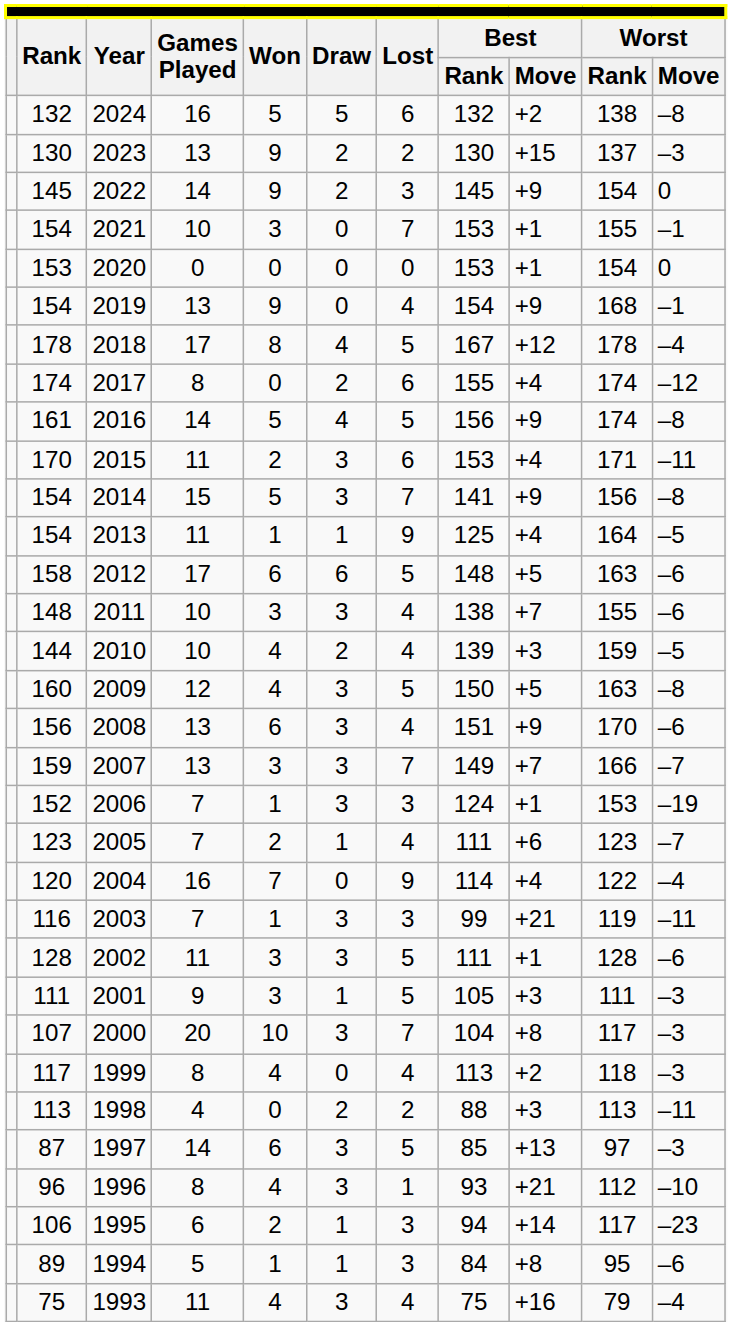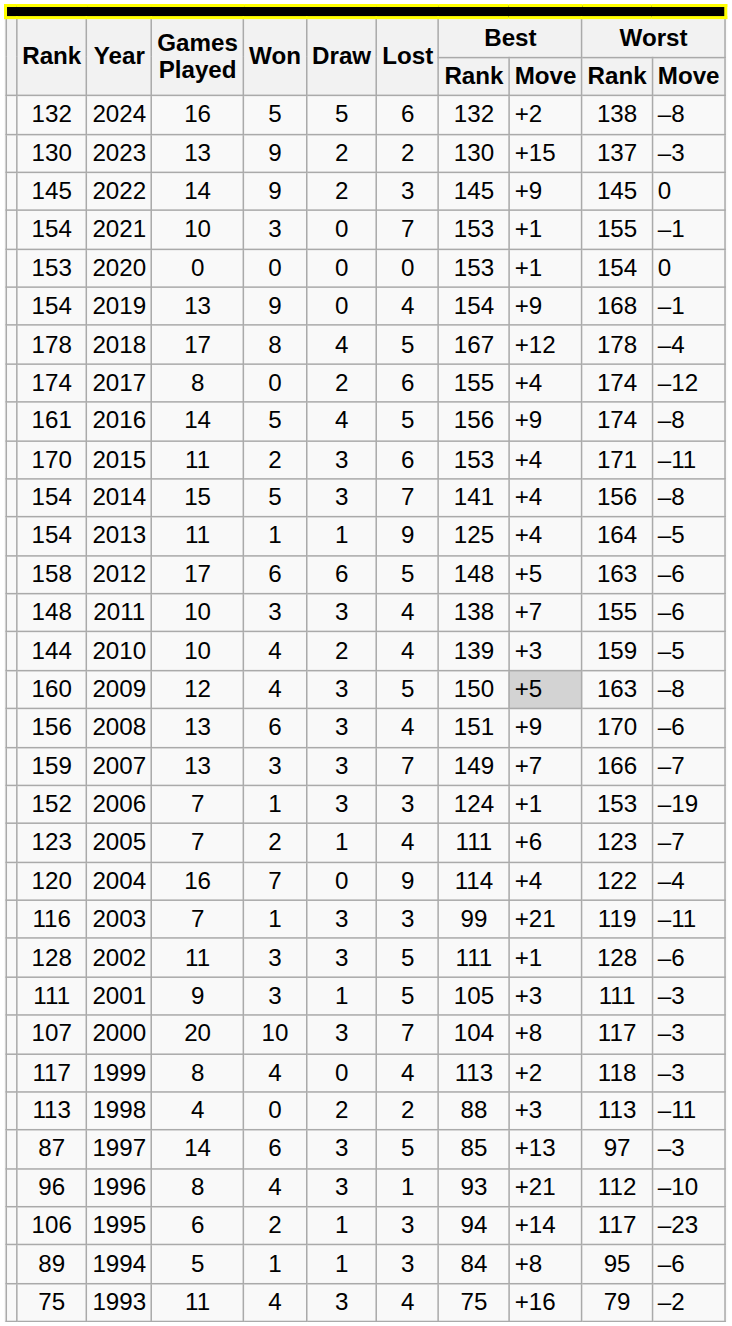 <table class="wikitable sortable" style="text-align:center;">
 <tr>
 <th colspan=12 style="background: #000000; colour: #FFFFFF; border:2px solid #FFFF00;"><a href='#'></a></th>
 </tr>
 <tr>
 <th rowspan=2></th>
 <th rowspan=2>Rank</th>
 <th rowspan=2>Year</th>
 <th rowspan=2>Games<br>Played</th>
 <th rowspan=2>Won</th>
 <th rowspan=2>Draw</th>
 <th rowspan=2>Lost</th>
 <th colspan=2>Best</th>
 <th colspan=2>Worst</th>
 </tr>
 <tr>
 <th>Rank</th>
 <th>Move</th>
 <th>Rank</th>
 <th>Move</th>
 </tr>
 <tr>
 <td></td>
 <td>132</td>
 <td>2024</td>
 <td>16</td>
 <td>5</td>
 <td>5</td>
 <td>6</td>
 <td>132</td>
 <td align="left"> +2</td>
 <td>138</td>
 <td align="left"> –8</td>
 </tr>
 <tr>
 <td></td>
 <td>130</td>
 <td>2023</td>
 <td>13</td>
 <td>9</td>
 <td>2</td>
 <td>2</td>
 <td>130</td>
 <td align="left"> +15</td>
 <td>137</td>
 <td align=left> –3</td>
 </tr>
 <tr>
 <td></td>
 <td>145</td>
 <td>2022</td>
 <td>14</td>
 <td>9</td>
 <td>2</td>
 <td>3</td>
 <td>145</td>
 <td align=left> +9</td>
-<td>154</td>
+<td>145</td>
 <td align=left> 0</td>
 </tr>
 <tr>
 <td></td>
 <td>154</td>
 <td>2021</td>
 <td>10</td>
 <td>3</td>
 <td>0</td>
 <td>7</td>
 <td>153</td>
 <td align=left> +1</td>
 <td>155</td>
 <td align=left> –1</td>
 </tr>
 <tr>
 <td></td>
 <td>153</td>
 <td>2020</td>
 <td>0</td>
 <td>0</td>
 <td>0</td>
 <td>0</td>
 <td>153</td>
 <td align=left> +1</td>
 <td>154</td>
 <td align=left> 0</td>
 </tr>
 <tr>
 <td></td>
 <td>154</td>
 <td>2019</td>
 <td>13</td>
 <td>9</td>
 <td>0</td>
 <td>4</td>
 <td>154</td>
 <td align=left> +9</td>
 <td>168</td>
 <td align=left> –1</td>
 </tr>
 <tr>
 <td></td>
 <td>178</td>
 <td>2018</td>
 <td>17</td>
 <td>8</td>
 <td>4</td>
 <td>5</td>
 <td>167</td>
 <td align=left> +12</td>
 <td>178</td>
 <td align=left> –4</td>
 </tr>
 <tr>
 <td></td>
 <td>174</td>
 <td>2017</td>
 <td>8</td>
 <td>0</td>
 <td>2</td>
 <td>6</td>
 <td>155</td>
 <td align=left> +4</td>
 <td>174</td>
 <td align=left> –12</td>
 </tr>
 <tr>
 <td></td>
 <td>161</td>
 <td>2016</td>
 <td>14</td>
 <td>5</td>
 <td>4</td>
 <td>5</td>
 <td>156</td>
 <td align=left> +9</td>
 <td>174</td>
 <td align=left> –8</td>
 </tr>
 <tr>
 <td></td>
 <td>170</td>
 <td>2015</td>
 <td>11</td>
 <td>2</td>
 <td>3</td>
 <td>6</td>
 <td>153</td>
 <td align=left> +4</td>
 <td>171</td>
 <td align=left> –11</td>
 </tr>
 <tr>
 <td></td>
 <td>154</td>
 <td>2014</td>
 <td>15</td>
 <td>5</td>
 <td>3</td>
 <td>7</td>
 <td>141</td>
-<td align=left> +9</td>
+<td align=left> +4</td>
 <td>156</td>
 <td align=left> –8</td>
 </tr>
 <tr>
 <td></td>
 <td>154</td>
 <td>2013</td>
 <td>11</td>
 <td>1</td>
 <td>1</td>
 <td>9</td>
 <td>125</td>
 <td align=left> +4</td>
 <td>164</td>
 <td align=left> –5</td>
 </tr>
 <tr>
 <td></td>
 <td>158</td>
 <td>2012</td>
 <td>17</td>
 <td>6</td>
 <td>6</td>
 <td>5</td>
 <td>148</td>
 <td align=left> +5</td>
 <td>163</td>
 <td align=left> –6</td>
 </tr>
 <tr>
 <td></td>
 <td>148</td>
 <td>2011</td>
 <td>10</td>
 <td>3</td>
 <td>3</td>
 <td>4</td>
 <td>138</td>
 <td align=left> +7</td>
 <td>155</td>
 <td align=left> –6</td>
 </tr>
 <tr>
 <td></td>
 <td>144</td>
 <td>2010</td>
 <td>10</td>
 <td>4</td>
 <td>2</td>
 <td>4</td>
 <td>139</td>
 <td align=left> +3</td>
 <td>159</td>
 <td align=left> –5</td>
 </tr>
 <tr>
 <td></td>
 <td>160</td>
 <td>2009</td>
 <td>12</td>
 <td>4</td>
 <td>3</td>
 <td>5</td>
 <td>150</td>
-<td align=left> +5</td>
+<td align=left style="background: lightgrey;"> +5</td>
 <td>163</td>
 <td align=left> –8</td>
 </tr>
 <tr>
 <td></td>
 <td>156</td>
 <td>2008</td>
 <td>13</td>
 <td>6</td>
 <td>3</td>
 <td>4</td>
 <td>151</td>
 <td align=left> +9</td>
 <td>170</td>
 <td align=left> –6</td>
 </tr>
 <tr>
 <td></td>
 <td>159</td>
 <td>2007</td>
 <td>13</td>
 <td>3</td>
 <td>3</td>
 <td>7</td>
 <td>149</td>
 <td align=left> +7</td>
 <td>166</td>
 <td align=left> –7</td>
 </tr>
 <tr>
 <td></td>
 <td>152</td>
 <td>2006</td>
 <td>7</td>
 <td>1</td>
 <td>3</td>
 <td>3</td>
 <td>124</td>
 <td align=left> +1</td>
 <td>153</td>
 <td align=left> –19</td>
 </tr>
 <tr>
 <td></td>
 <td>123</td>
 <td>2005</td>
 <td>7</td>
 <td>2</td>
 <td>1</td>
 <td>4</td>
 <td>111</td>
 <td align=left> +6</td>
 <td>123</td>
 <td align=left> –7</td>
 </tr>
 <tr>
 <td></td>
 <td>120</td>
 <td>2004</td>
 <td>16</td>
 <td>7</td>
 <td>0</td>
 <td>9</td>
 <td>114</td>
 <td align=left> +4</td>
 <td>122</td>
 <td align=left> –4</td>
 </tr>
 <tr>
 <td></td>
 <td>116</td>
 <td>2003</td>
 <td>7</td>
 <td>1</td>
 <td>3</td>
 <td>3</td>
 <td>99</td>
 <td align=left> +21</td>
 <td>119</td>
 <td align=left> –11</td>
 </tr>
 <tr>
 <td></td>
 <td>128</td>
 <td>2002</td>
 <td>11</td>
 <td>3</td>
 <td>3</td>
 <td>5</td>
 <td>111</td>
 <td align=left> +1</td>
 <td>128</td>
 <td align=left> –6</td>
 </tr>
 <tr>
 <td></td>
 <td>111</td>
 <td>2001</td>
 <td>9</td>
 <td>3</td>
 <td>1</td>
 <td>5</td>
 <td>105</td>
 <td align=left> +3</td>
 <td>111</td>
 <td align=left> –3</td>
 </tr>
 <tr>
 <td></td>
 <td>107</td>
 <td>2000</td>
 <td>20</td>
 <td>10</td>
 <td>3</td>
 <td>7</td>
 <td>104</td>
 <td align=left> +8</td>
 <td>117</td>
 <td align=left> –3</td>
 </tr>
 <tr>
 <td></td>
 <td>117</td>
 <td>1999</td>
 <td>8</td>
 <td>4</td>
 <td>0</td>
 <td>4</td>
 <td>113</td>
 <td align=left> +2</td>
 <td>118</td>
 <td align=left> –3</td>
 </tr>
 <tr>
 <td></td>
 <td>113</td>
 <td>1998</td>
 <td>4</td>
 <td>0</td>
 <td>2</td>
 <td>2</td>
 <td>88</td>
 <td align=left> +3</td>
 <td>113</td>
 <td align=left> –11</td>
 </tr>
 <tr>
 <td></td>
 <td>87</td>
 <td>1997</td>
 <td>14</td>
 <td>6</td>
 <td>3</td>
 <td>5</td>
 <td>85</td>
 <td align=left> +13</td>
 <td>97</td>
 <td align=left> –3</td>
 </tr>
 <tr>
 <td></td>
 <td>96</td>
 <td>1996</td>
 <td>8</td>
 <td>4</td>
 <td>3</td>
 <td>1</td>
 <td>93</td>
 <td align=left> +21</td>
 <td>112</td>
 <td align=left> –10</td>
 </tr>
 <tr>
 <td></td>
 <td>106</td>
 <td>1995</td>
 <td>6</td>
 <td>2</td>
 <td>1</td>
 <td>3</td>
 <td>94</td>
 <td align=left> +14</td>
 <td>117</td>
 <td align=left> –23</td>
 </tr>
 <tr>
 <td></td>
 <td>89</td>
 <td>1994</td>
 <td>5</td>
 <td>1</td>
 <td>1</td>
 <td>3</td>
 <td>84</td>
 <td align=left> +8</td>
 <td>95</td>
 <td align=left> –6</td>
 </tr>
 <tr>
 <td></td>
 <td>75</td>
 <td>1993</td>
 <td>11</td>
 <td>4</td>
 <td>3</td>
 <td>4</td>
 <td>75</td>
 <td align=left> +16</td>
 <td>79</td>
-<td align=left> –4</td>
+<td align=left> –2</td>
 </tr>
 </table>
